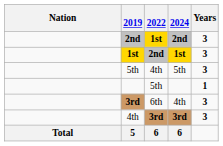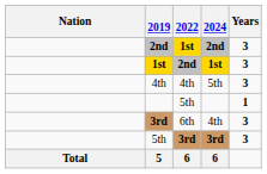 <table class="wikitable" style="text-align:center; font-size:90%">
 <tr>
 <th width=170>Nation</th>
 <th><br><a href='#'>2019</a></th>
 <th><br><a href='#'>2022</a></th>
 <th><br><a href='#'>2024</a></th>
 <th>Years</th>
 </tr>
 <tr>
 <td align=left></td>
 <td bgcolor=silver><strong>2nd</strong></td>
 <td bgcolor=gold><strong>1st</strong></td>
 <td bgcolor=silver><strong>2nd</strong></td>
 <td><strong>3</strong></td>
 </tr>
 <tr>
 <td align=left></td>
 <td bgcolor=gold><strong>1st</strong></td>
 <td bgcolor=silver><strong>2nd</strong></td>
 <td bgcolor=gold><strong>1st</strong></td>
 <td><strong>3</strong></td>
 </tr>
 <tr>
 <td align=left></td>
-<td>5th</td>
+<td>4th</td>
 <td>4th</td>
 <td>5th</td>
 <td><strong>3</strong></td>
 </tr>
 <tr>
 <td align=left></td>
 <td></td>
 <td>5th</td>
 <td></td>
 <td><strong>1</strong></td>
 </tr>
 <tr>
 <td align=left></td>
 <td bgcolor=#cc9966><strong>3rd</strong></td>
 <td>6th</td>
 <td>4th</td>
 <td><strong>3</strong></td>
 </tr>
 <tr>
 <td align=left></td>
-<td>4th</td>
+<td>5th</td>
 <td bgcolor=#cc9966><strong>3rd</strong></td>
 <td bgcolor=#cc9966><strong>3rd</strong></td>
 <td><strong>3</strong></td>
 </tr>
 <tr>
 <th>Total</th>
 <th>5</th>
 <th>6</th>
 <th>6</th>
 </tr>
 </table>
